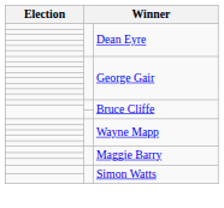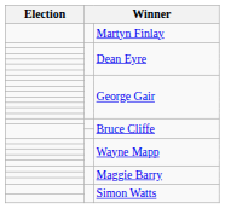 <table class="wikitable">
 <tr>
 <th width=100>Election</th>
 <th width=175 colspan=2>Winner</th>
+</tr>
+<tr>
+<td></td>
+<td width=5 bgcolor=></td>
+<td><a href='#'>Martyn Finlay</a></td>
 </tr>
 <tr>
 <td></td>
 <td rowspan="6"></td>
 <td rowspan="6"><a href='#'>Dean Eyre</a></td>
 </tr>
 <tr>
 <td></td>
 </tr>
 <tr>
 <td></td>
 </tr>
 <tr>
 <td></td>
 </tr>
 <tr>
 <td></td>
 </tr>
 <tr>
 <td></td>
 </tr>
 <tr>
 <td></td>
 <td rowspan="8"></td>
 <td rowspan="8"><a href='#'>George Gair</a></td>
 </tr>
 <tr>
 <td></td>
 </tr>
 <tr>
 <td></td>
 </tr>
 <tr>
 <td></td>
 </tr>
 <tr>
 <td></td>
 </tr>
 <tr>
 <td></td>
 </tr>
 <tr>
 <td></td>
 </tr>
 <tr>
 <td></td>
 </tr>
 <tr>
 <td></td>
 <td style="border-bottom:solid 0 grey; background:"></td>
 <td rowspan=3><a href='#'>Bruce Cliffe</a></td>
 </tr>
 <tr>
 <td rowspan=2></td>
 <td style="border-top:solid 0 grey; background:"></td>
 </tr>
 <tr>
 <td height=5 style="border-top:solid 0 grey; background:"></td>
 </tr>
 <tr>
 <td></td>
 <td rowspan=5 bgcolor=></td>
 <td rowspan=5><a href='#'>Wayne Mapp</a></td>
 </tr>
 <tr>
 <td></td>
 </tr>
 <tr>
 <td></td>
 </tr>
 <tr>
 <td></td>
 </tr>
 <tr>
 <td></td>
 </tr>
 <tr>
 <td></td>
 <td rowspan=3 bgcolor=></td>
 <td rowspan=3><a href='#'>Maggie Barry</a></td>
 </tr>
 <tr>
 <td></td>
 </tr>
 <tr>
 <td></td>
 </tr>
 <tr>
 <td></td>
 <td rowspan=2 bgcolor=></td>
 <td rowspan=2><a href='#'>Simon Watts</a></td>
 </tr>
 <tr>
 <td></td>
 </tr>
 </table>
